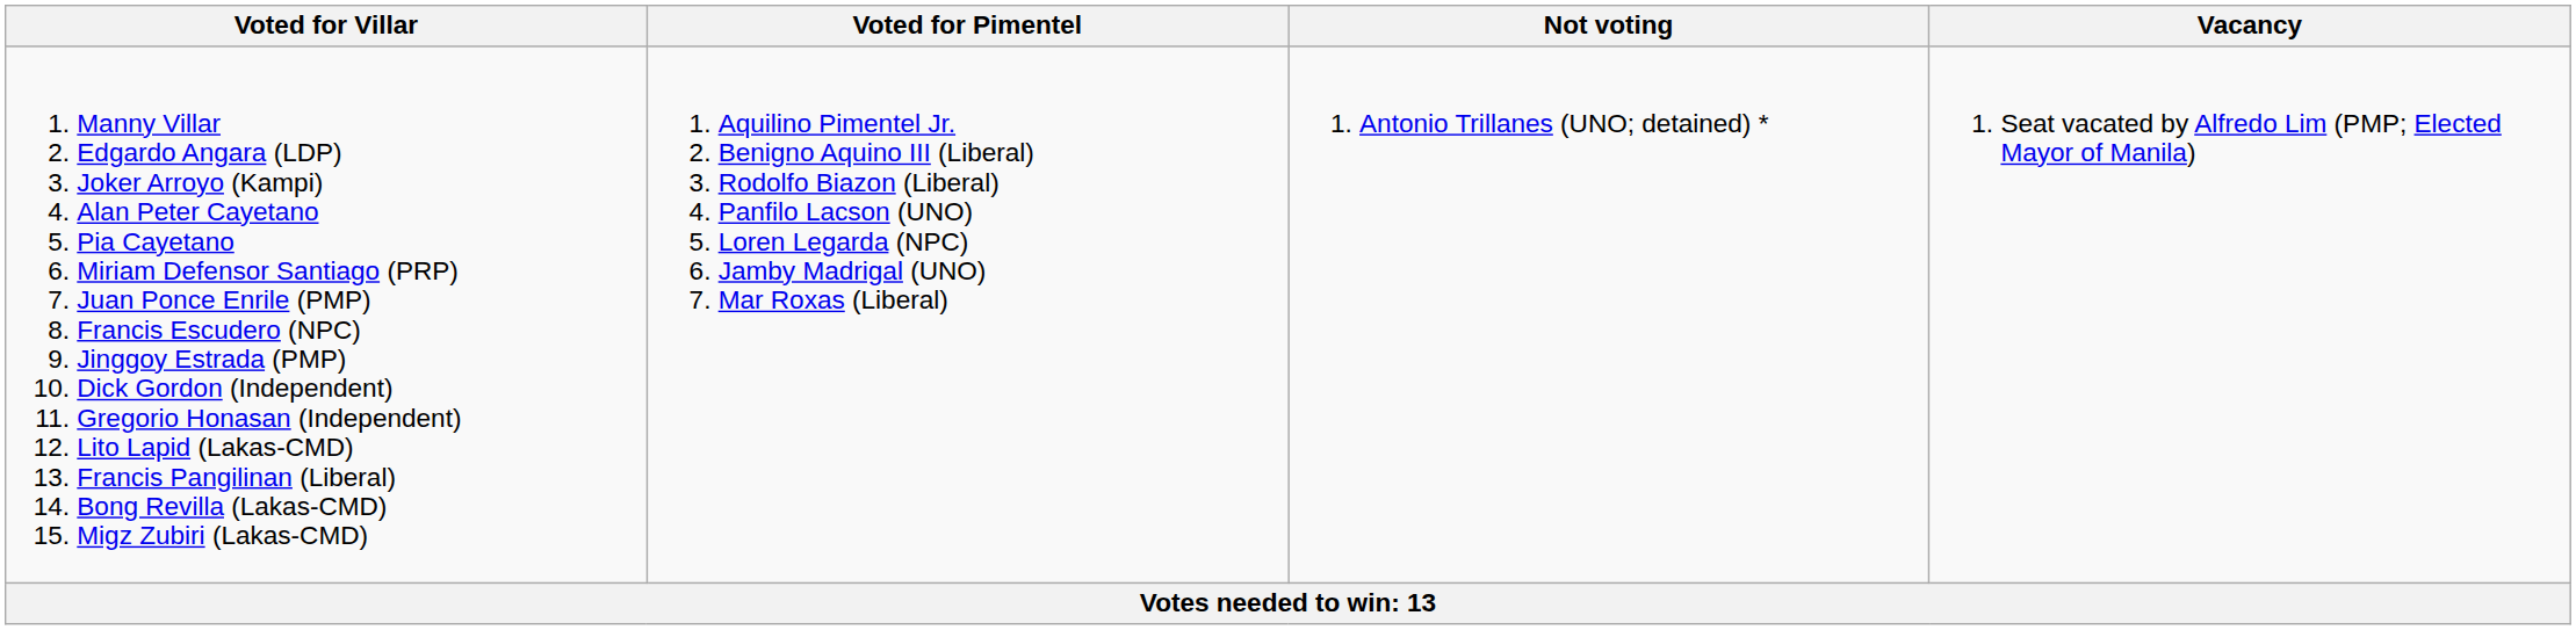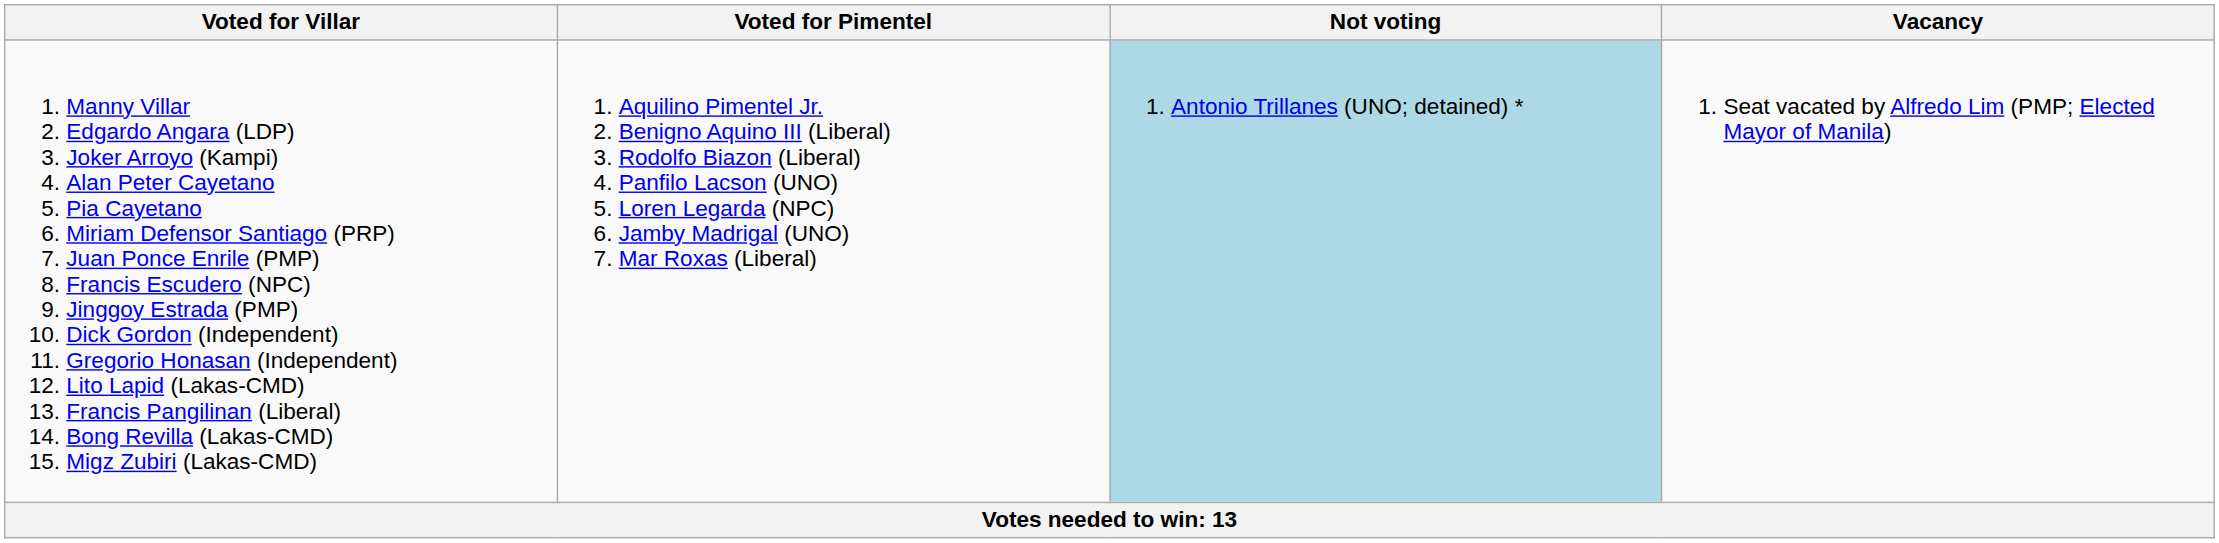 <table class=wikitable>
 <tr>
 <th>Voted for Villar</th>
 <th>Voted for Pimentel</th>
 <th>Not voting</th>
 <th>Vacancy</th>
 </tr>
 <tr valign=top>
 <td width=25%><br><ol><li><a href='#'>Manny Villar</a></li><li><a href='#'>Edgardo Angara</a> (LDP)</li><li><a href='#'>Joker Arroyo</a> (Kampi)</li><li><a href='#'>Alan Peter Cayetano</a></li><li><a href='#'>Pia Cayetano</a></li><li><a href='#'>Miriam Defensor Santiago</a> (PRP)</li><li><a href='#'>Juan Ponce Enrile</a> (PMP)</li><li><a href='#'>Francis Escudero</a> (NPC)</li><li><a href='#'>Jinggoy Estrada</a> (PMP)</li><li><a href='#'>Dick Gordon</a> (Independent)</li><li><a href='#'>Gregorio Honasan</a> (Independent)</li><li><a href='#'>Lito Lapid</a> (Lakas-CMD)</li><li><a href='#'>Francis Pangilinan</a> (Liberal)</li><li><a href='#'>Bong Revilla</a> (Lakas-CMD)</li><li><a href='#'>Migz Zubiri</a> (Lakas-CMD)</li></ol></td>
 <td width=25%><br><ol><li><a href='#'>Aquilino Pimentel Jr.</a></li><li><a href='#'>Benigno Aquino III</a> (Liberal)</li><li><a href='#'>Rodolfo Biazon</a> (Liberal)</li><li><a href='#'>Panfilo Lacson</a> (UNO)</li><li><a href='#'>Loren Legarda</a> (NPC)</li><li><a href='#'>Jamby Madrigal</a> (UNO)</li><li><a href='#'>Mar Roxas</a> (Liberal)</li></ol></td>
-<td width=25%><br><ol><li><a href='#'>Antonio Trillanes</a> (UNO; detained) *</li></ol></td>
+<td width=25% style="background: lightblue;"><br><ol><li><a href='#'>Antonio Trillanes</a> (UNO; detained) *</li></ol></td>
 <td width=25%><br><ol><li>Seat vacated by <a href='#'>Alfredo Lim</a> (PMP; <a href='#'>Elected Mayor of Manila</a>)</li></ol></td>
 </tr>
 <tr>
 <th colspan=4>Votes needed to win: 13</th>
 </tr>
 </table>
